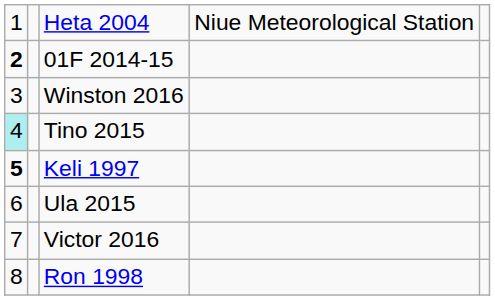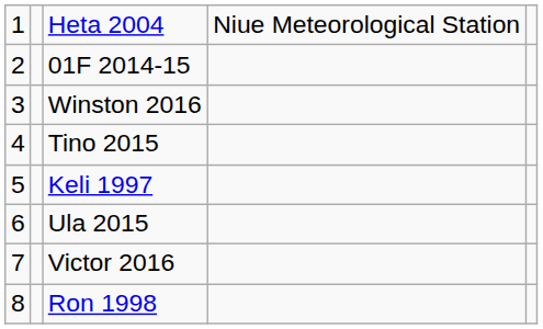 <table class="wikitable">
 <tr>
 <td>1</td>
 <td></td>
 <td><a href='#'>Heta 2004</a></td>
 <td>Niue Meteorological Station</td>
 <td></td>
 </tr>
 <tr>
-<td><strong>2</strong></td>
+<td>2</td>
 <td></td>
 <td>01F 2014-15</td>
 <td></td>
 <td></td>
 </tr>
 <tr>
 <td>3</td>
 <td></td>
 <td>Winston 2016</td>
 <td></td>
 <td></td>
 </tr>
 <tr>
-<td style="background: paleturquoise;">4</td>
+<td>4</td>
 <td></td>
 <td>Tino 2015</td>
 <td></td>
 <td></td>
 </tr>
 <tr>
-<td><strong>5</strong></td>
+<td>5</td>
 <td></td>
 <td><a href='#'>Keli 1997</a></td>
 <td></td>
 <td></td>
 </tr>
 <tr>
 <td>6</td>
 <td></td>
 <td>Ula 2015</td>
 <td></td>
 <td></td>
 </tr>
 <tr>
 <td>7</td>
 <td></td>
 <td>Victor 2016</td>
 <td></td>
 <td></td>
 </tr>
 <tr>
 <td>8</td>
 <td></td>
 <td><a href='#'>Ron 1998</a></td>
 <td></td>
 <td></td>
 </tr>
 </table>
